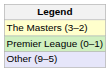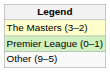 <table class="wikitable">
 <tr>
 <th>Legend</th>
 </tr>
 <tr style="background:#ffc;">
 <td>The Masters (3–2)</td>
 </tr>
 <tr style="background:#d0f0c0;">
 <td>Premier League (0–1)</td>
 </tr>
 <tr>
-<td style="background: lavender;">Other (9–5)</td>
+<td>Other (9–5)</td>
 </tr>
 </table>
